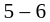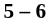 <table style="text-align:center">
 <tr>
 <th width=200></th>
 <th width=100></th>
 <th width=200></th>
 </tr>
 <tr>
 <td align=right></td>
-<td>5 – 6</td>
+<td><strong>5 – 6</strong></td>
 <td align=left><strong></strong></td>
 </tr>
 </table>
